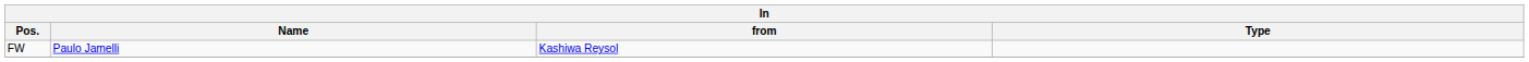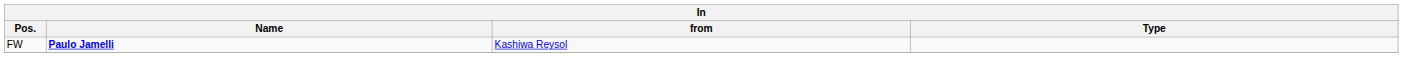 <table class="wikitable" style="font-size:90%;width:99%;">
 <tr>
 <th colspan="4">In</th>
 </tr>
 <tr>
 <th width=3%>Pos.</th>
 <th width=32%>Name</th>
 <th width=30%>from</th>
 <th width=35%>Type</th>
 </tr>
 <tr>
 <td>FW</td>
-<td><a href='#'>Paulo Jamelli</a></td>
+<td><strong><a href='#'>Paulo Jamelli</a></strong></td>
 <td><a href='#'>Kashiwa Reysol</a></td>
 <td></td>
 </tr>
 <tr>
 </tr>
 </table>
